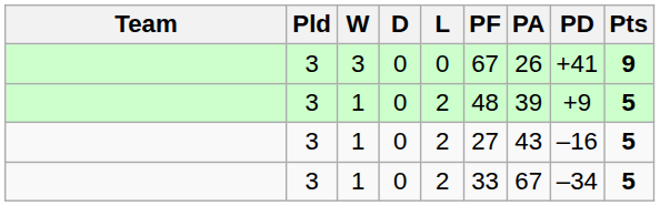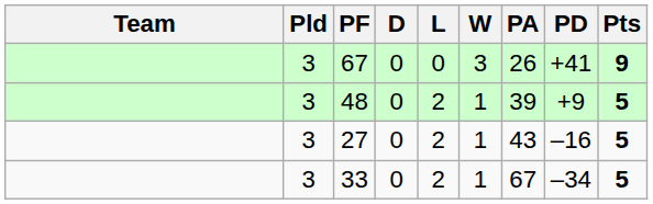 <table class="wikitable" style="text-align:center;">
 <tr>
 <th width=175>Team</th>
 <th width=20 abbr="Played">Pld</th>
-<th width=20 abbr="Won">W</th>
+<th width=20 abbr="Points for">PF</th>
 <th width=20 abbr="Drawn">D</th>
 <th width=20 abbr="Lost">L</th>
-<th width=20 abbr="Points for">PF</th>
+<th width=20 abbr="Won">W</th>
 <th width=20 abbr="Points against">PA</th>
 <th width=25 abbr="Points difference">PD</th>
 <th width=20 abbr="Points">Pts</th>
 </tr>
 <tr style="background:#ccffcc">
 <td align=left></td>
 <td>3</td>
-<td>3</td>
+<td>67</td>
 <td>0</td>
 <td>0</td>
-<td>67</td>
+<td>3</td>
 <td>26</td>
 <td>+41</td>
 <td><strong>9</strong></td>
 </tr>
 <tr style="background:#ccffcc">
 <td align=left></td>
 <td>3</td>
-<td>1</td>
+<td>48</td>
 <td>0</td>
 <td>2</td>
-<td>48</td>
+<td>1</td>
 <td>39</td>
 <td>+9</td>
 <td><strong>5</strong></td>
 </tr>
 <tr>
 <td align=left></td>
 <td>3</td>
-<td>1</td>
+<td>27</td>
 <td>0</td>
 <td>2</td>
-<td>27</td>
+<td>1</td>
 <td>43</td>
 <td>–16</td>
 <td><strong>5</strong></td>
 </tr>
 <tr>
 <td align=left></td>
 <td>3</td>
-<td>1</td>
+<td>33</td>
 <td>0</td>
 <td>2</td>
-<td>33</td>
+<td>1</td>
 <td>67</td>
 <td>–34</td>
 <td><strong>5</strong></td>
 </tr>
 </table>
